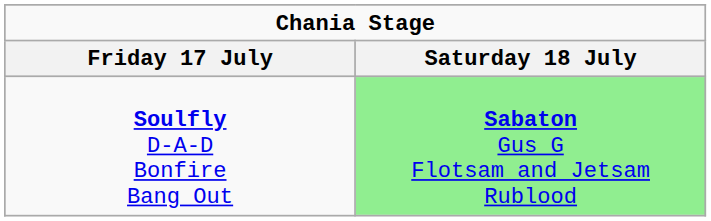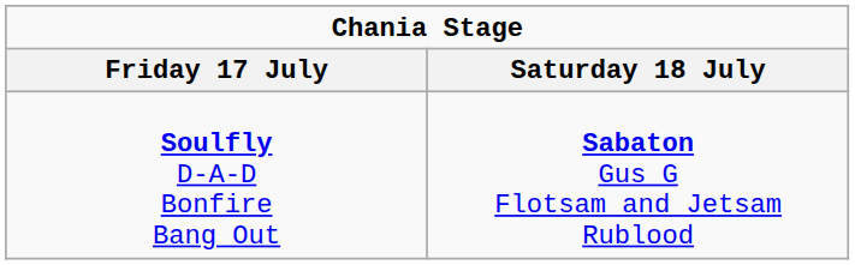 <table class="wikitable">
 <tr>
 <td colspan="2" align="center"><strong>Chania Stage</strong></td>
 </tr>
 <tr>
 <th>Friday 17 July</th>
 <th>Saturday 18 July</th>
 </tr>
 <tr>
 <td valign="top" align="center" width=200><br><strong><a href='#'>Soulfly</a></strong> <br><a href='#'>D-A-D</a> <br><a href='#'>Bonfire</a> <br><a href='#'>Bang Out</a></td>
-<td valign="top" align="center" width=200 style="background: lightgreen;"><br><strong><a href='#'>Sabaton</a></strong> <br><a href='#'>Gus G</a> <br><a href='#'>Flotsam and Jetsam</a> <br><a href='#'>Rublood</a></td>
+<td valign="top" align="center" width=200><br><strong><a href='#'>Sabaton</a></strong> <br><a href='#'>Gus G</a> <br><a href='#'>Flotsam and Jetsam</a> <br><a href='#'>Rublood</a></td>
 </tr>
 </table>
